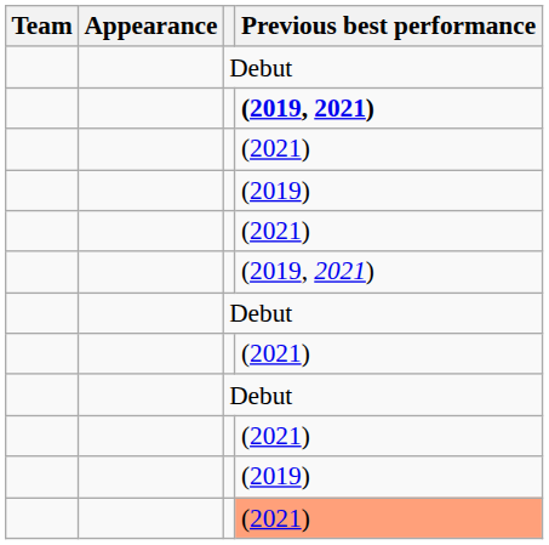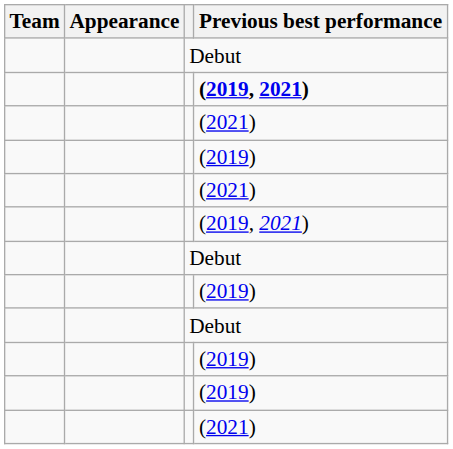 <table class="wikitable sortable">
 <tr>
 <th>Team</th>
 <th data-sort-type="number">Appearance</th>
 <th></th>
 <th>Previous best performance</th>
 </tr>
 <tr>
 <td></td>
 <td></td>
 <td colspan="2">Debut</td>
 </tr>
 <tr>
 <td></td>
 <td></td>
 <td></td>
 <td><strong> (<a href='#'>2019</a>, <a href='#'>2021</a>)</strong></td>
 </tr>
 <tr>
 <td></td>
 <td></td>
 <td></td>
 <td> (<a href='#'>2021</a>)</td>
 </tr>
 <tr>
 <td></td>
 <td></td>
 <td></td>
 <td> (<a href='#'>2019</a>)</td>
 </tr>
 <tr>
 <td></td>
 <td></td>
 <td></td>
 <td> (<a href='#'>2021</a>)</td>
 </tr>
 <tr>
 <td></td>
 <td></td>
 <td></td>
 <td> (<a href='#'>2019</a>, <em><a href='#'>2021</a></em>)</td>
 </tr>
 <tr>
 <td></td>
 <td></td>
 <td colspan="2">Debut</td>
 </tr>
 <tr>
 <td></td>
 <td></td>
 <td></td>
-<td> (<a href='#'>2021</a>)</td>
+<td> (<a href='#'>2019</a>)</td>
 </tr>
 <tr>
 <td></td>
 <td></td>
 <td colspan="2">Debut</td>
-</tr>
-<tr>
-<td></td>
-<td></td>
-<td></td>
-<td> (<a href='#'>2021</a>)</td>
 </tr>
 <tr>
 <td></td>
 <td></td>
 <td></td>
 <td> (<a href='#'>2019</a>)</td>
 </tr>
 <tr>
 <td></td>
 <td></td>
 <td></td>
-<td style="background: lightsalmon;"> (<a href='#'>2021</a>)</td>
+<td> (<a href='#'>2019</a>)</td>
+</tr>
+<tr>
+<td></td>
+<td></td>
+<td></td>
+<td> (<a href='#'>2021</a>)</td>
 </tr>
 </table>
